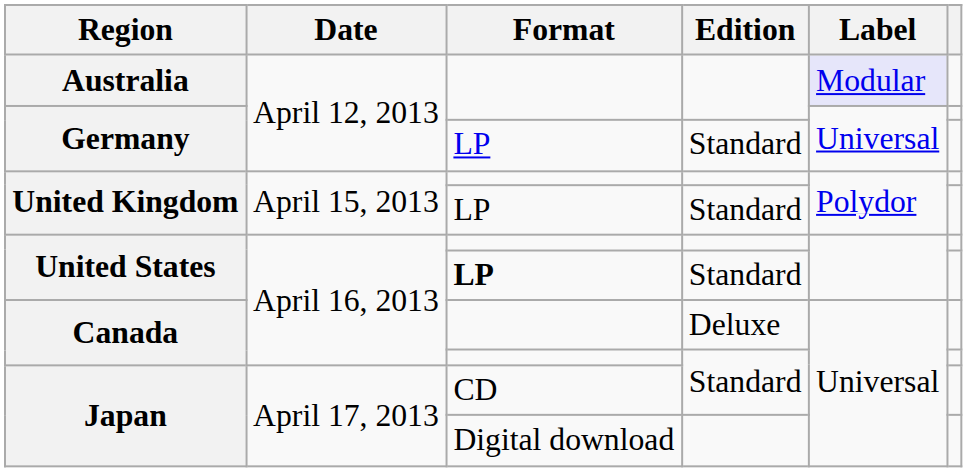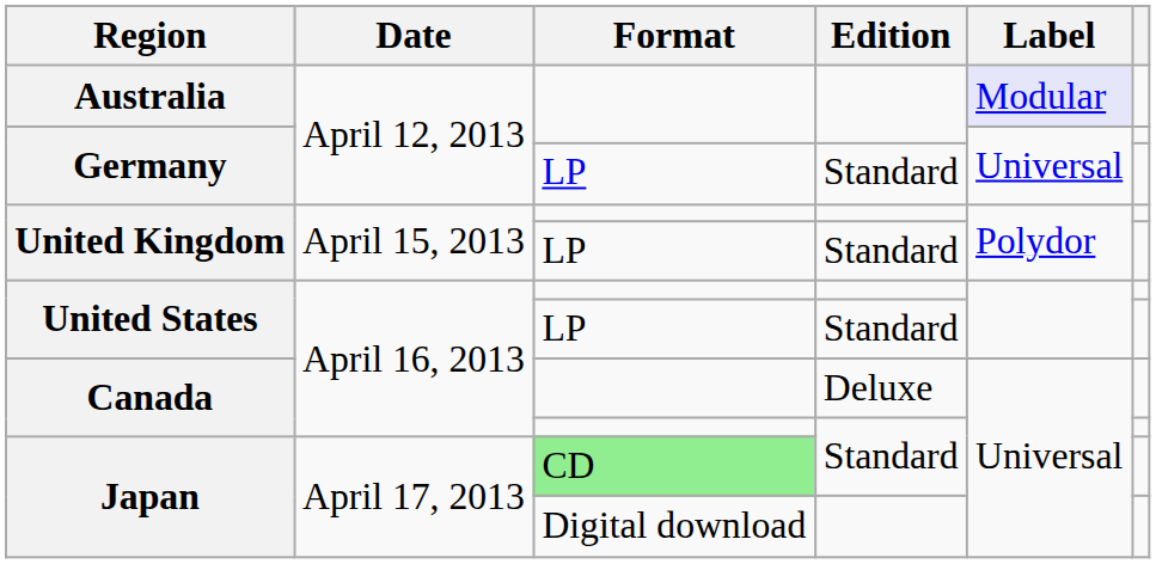 <table class="wikitable plainrowheaders">
 <tr>
 <th scope="col">Region</th>
 <th scope="col">Date</th>
 <th scope="col">Format</th>
 <th scope="col">Edition</th>
 <th scope="col">Label</th>
 <th scope="col"></th>
 </tr>
 <tr>
 <th scope="row">Australia</th>
 <td rowspan="3">April 12, 2013</td>
 <td rowspan="2"></td>
 <td rowspan="2"></td>
 <td style="background: lavender;"><a href='#'>Modular</a></td>
 <td align="center"></td>
 </tr>
 <tr>
 <th scope="row" rowspan="2">Germany</th>
 <td rowspan="2"><a href='#'>Universal</a></td>
 <td align="center"></td>
 </tr>
 <tr>
 <td><a href='#'>LP</a></td>
 <td>Standard</td>
 <td align="center"></td>
 </tr>
 <tr>
 <th scope="row" rowspan="2">United Kingdom</th>
 <td rowspan="2">April 15, 2013</td>
 <td></td>
 <td></td>
 <td rowspan="2"><a href='#'>Polydor</a></td>
 <td align="center"></td>
 </tr>
 <tr>
 <td>LP</td>
 <td>Standard</td>
 <td align="center"></td>
 </tr>
 <tr>
 <th scope="row" rowspan="2">United States</th>
 <td rowspan="4">April 16, 2013</td>
 <td></td>
 <td></td>
 <td rowspan="2"></td>
 <td align="center"></td>
 </tr>
 <tr>
-<td><strong>LP</strong></td>
+<td>LP</td>
 <td>Standard</td>
 <td align="center"></td>
 </tr>
 <tr>
 <th scope="row" rowspan="2">Canada</th>
 <td></td>
 <td>Deluxe</td>
 <td rowspan="4">Universal</td>
 <td align="center"></td>
 </tr>
 <tr>
 <td></td>
 <td rowspan="2">Standard</td>
 <td align="center"></td>
 </tr>
 <tr>
 <th scope="row" rowspan="2">Japan</th>
 <td rowspan="2">April 17, 2013</td>
-<td>CD</td>
+<td style="background: lightgreen;">CD</td>
 <td align="center"></td>
 </tr>
 <tr>
 <td>Digital download</td>
 <td></td>
 <td align="center"></td>
 </tr>
 </table>
